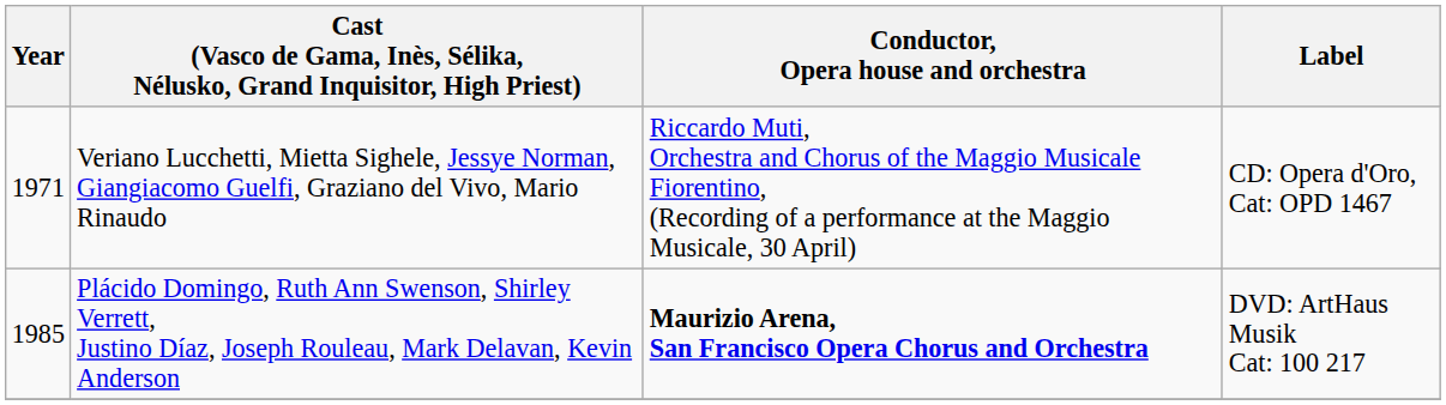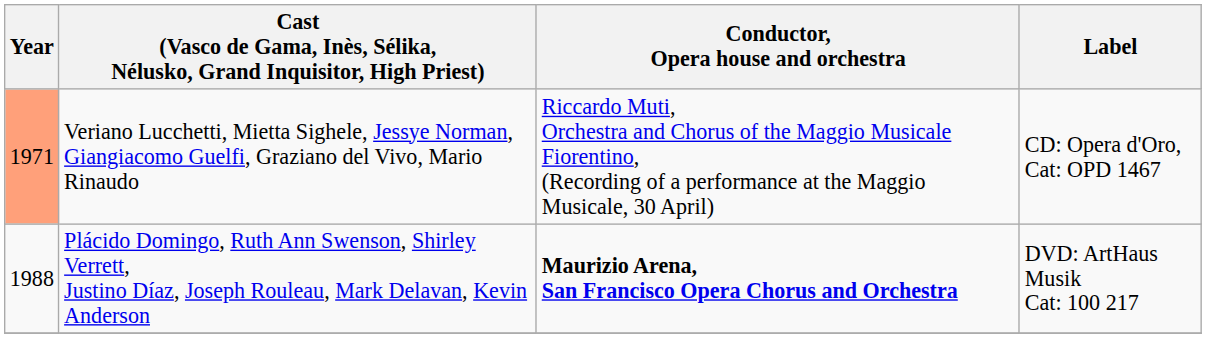 <table class="wikitable">
 <tr>
 <th>Year</th>
 <th>Cast<br>(Vasco de Gama, Inès, Sélika,<br>Nélusko, Grand Inquisitor, High Priest)</th>
 <th>Conductor,<br>Opera house and orchestra</th>
 <th>Label</th>
 </tr>
 <tr>
-<td>1971</td>
+<td style="background: lightsalmon;">1971</td>
 <td>Veriano Lucchetti, Mietta Sighele, <a href='#'>Jessye Norman</a>,<br><a href='#'>Giangiacomo Guelfi</a>, Graziano del Vivo, Mario Rinaudo</td>
 <td><a href='#'>Riccardo Muti</a>, <br><a href='#'>Orchestra and Chorus of the Maggio Musicale Fiorentino</a>,<br>(Recording of a performance at the Maggio Musicale, 30 April)</td>
 <td>CD: Opera d'Oro,<br>Cat: OPD 1467</td>
 </tr>
 <tr>
-<td>1985</td>
+<td>1988</td>
 <td><a href='#'>Plácido Domingo</a>, <a href='#'>Ruth Ann Swenson</a>, <a href='#'>Shirley Verrett</a>,<br><a href='#'>Justino Díaz</a>, <a href='#'>Joseph Rouleau</a>, <a href='#'>Mark Delavan</a>, <a href='#'>Kevin Anderson</a></td>
 <td><strong>Maurizio Arena, <br><a href='#'>San Francisco Opera Chorus and Orchestra</a></strong></td>
 <td>DVD: ArtHaus Musik<br>Cat: 100 217</td>
 </tr>
 <tr>
 </tr>
 </table>
